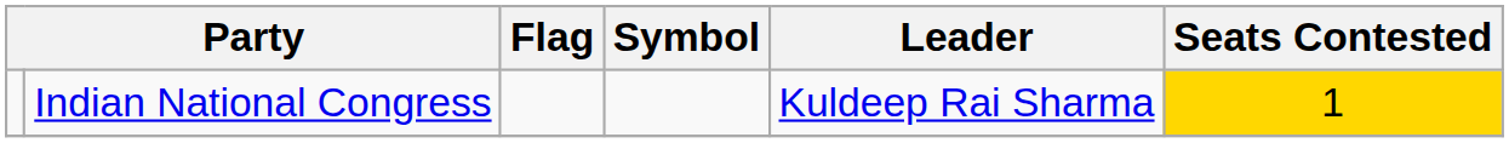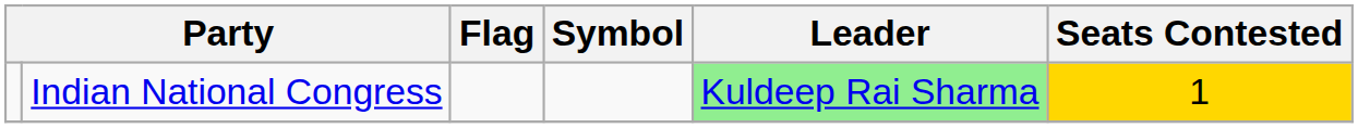 <table class="wikitable" style="text-align:center">
 <tr>
 <th colspan="2">Party</th>
 <th>Flag</th>
 <th>Symbol</th>
 <th>Leader</th>
 <th>Seats Contested</th>
 </tr>
 <tr>
 <td></td>
 <td><a href='#'>Indian National Congress</a></td>
 <td></td>
 <td></td>
-<td><a href='#'>Kuldeep Rai Sharma</a></td>
+<td style="background: lightgreen;"><a href='#'>Kuldeep Rai Sharma</a></td>
 <td style="background: gold;">1</td>
 </tr>
 <tr>
 </tr>
 </table>
